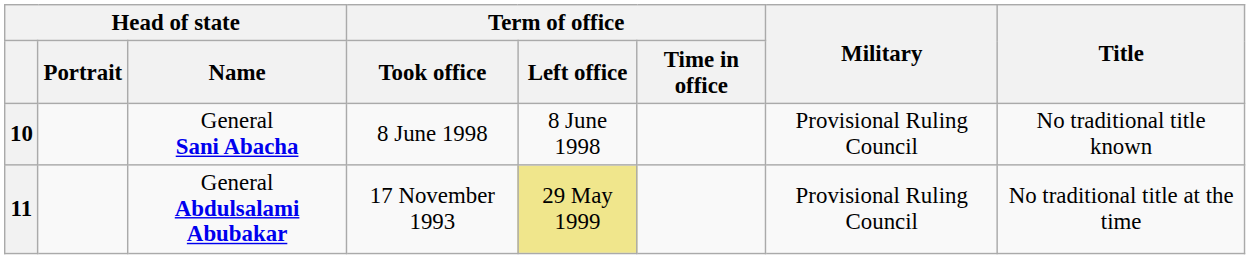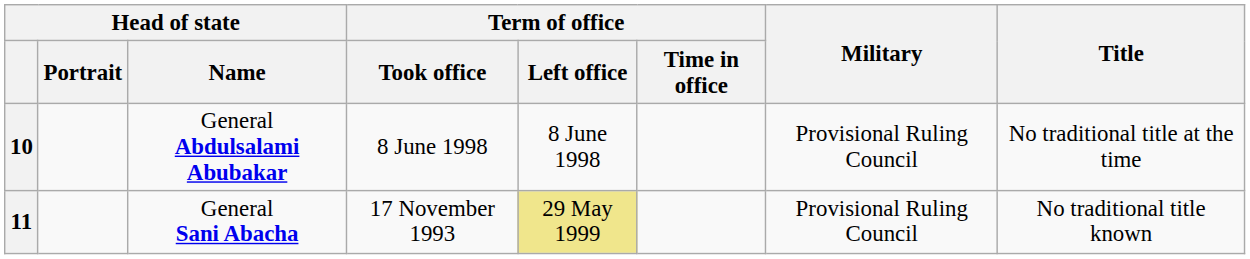 <table class="wikitable" style="text-align:center">
 <tr>
 <th colspan=3>Head of state</th>
 <th colspan=3>Term of office</th>
 <th rowspan=2>Military</th>
 <th rowspan=2>Title</th>
 </tr>
 <tr>
 <th></th>
 <th>Portrait</th>
 <th>Name<br></th>
 <th>Took office</th>
 <th>Left office</th>
 <th>Time in office</th>
 </tr>
 <tr>
 <th style="background:">10</th>
 <td></td>
-<td>General<br><strong><a href='#'>Sani Abacha</a></strong><br></td>
+<td>General<br><strong><a href='#'>Abdulsalami Abubakar</a></strong><br></td>
 <td>8 June 1998</td>
 <td>8 June 1998<br></td>
 <td></td>
 <td>Provisional Ruling Council</td>
-<td>No traditional title known</td>
+<td>No traditional title at the time</td>
 </tr>
 <tr>
 <th style="background:">11</th>
 <td></td>
-<td>General<br><strong><a href='#'>Abdulsalami Abubakar</a></strong><br></td>
+<td>General<br><strong><a href='#'>Sani Abacha</a></strong><br></td>
 <td>17 November 1993</td>
 <td style="background: khaki;">29 May 1999<br></td>
 <td></td>
 <td>Provisional Ruling Council</td>
-<td>No traditional title at the time</td>
+<td>No traditional title known</td>
 </tr>
 </table>
